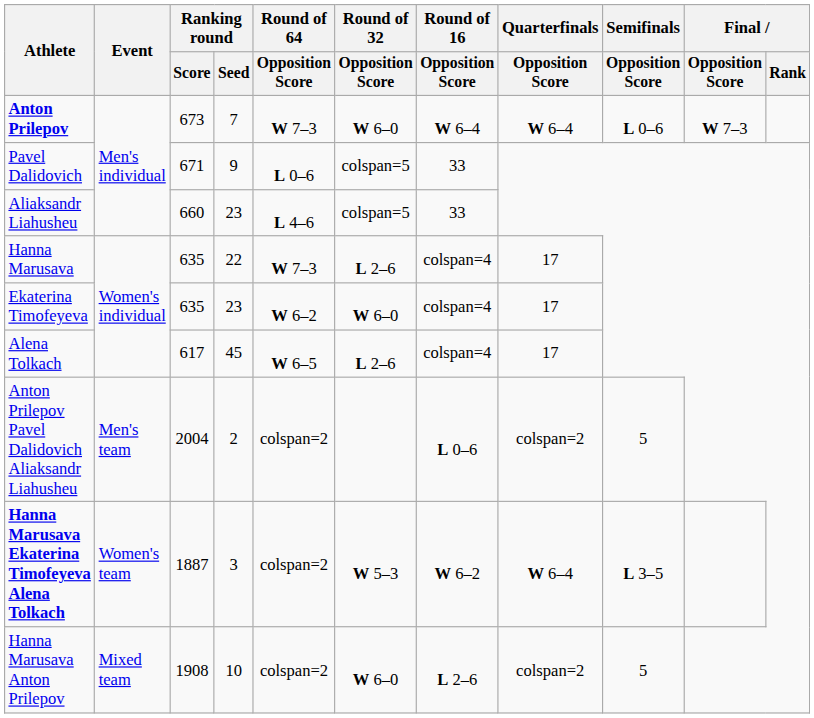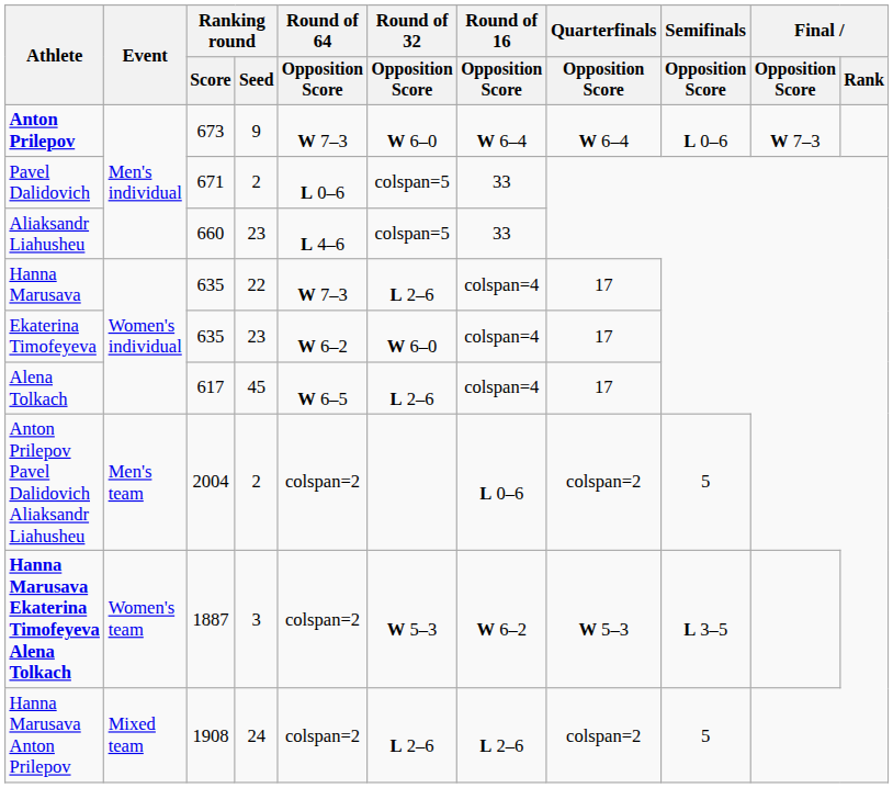 <table class="wikitable" style="font-size:90%">
 <tr>
 <th rowspan=2>Athlete</th>
 <th rowspan=2>Event</th>
 <th colspan=2>Ranking round</th>
 <th>Round of 64</th>
 <th>Round of 32</th>
 <th>Round of 16</th>
 <th>Quarterfinals</th>
 <th>Semifinals</th>
 <th colspan=2>Final / </th>
 </tr>
 <tr style="font-size:95%">
 <th>Score</th>
 <th>Seed</th>
 <th>Opposition<br>Score</th>
 <th>Opposition<br>Score</th>
 <th>Opposition<br>Score</th>
 <th>Opposition<br>Score</th>
 <th>Opposition<br>Score</th>
 <th>Opposition<br>Score</th>
 <th>Rank</th>
 </tr>
 <tr align=center>
 <td align=left><strong><a href='#'>Anton Prilepov</a></strong></td>
 <td style="text-align:left;" rowspan="3"><a href='#'>Men's individual</a></td>
 <td>673</td>
-<td>7</td>
+<td>9</td>
 <td><br> <strong>W</strong> 7–3</td>
 <td><br> <strong>W</strong> 6–0</td>
 <td><br> <strong>W</strong> 6–4</td>
 <td><br> <strong>W</strong> 6–4</td>
 <td><br> <strong>L</strong> 0–6</td>
 <td><br> <strong>W</strong> 7–3</td>
 <td></td>
 </tr>
 <tr align=center>
 <td align=left><a href='#'>Pavel Dalidovich</a></td>
 <td>671</td>
-<td>9</td>
+<td>2</td>
 <td><br> <strong>L</strong> 0–6</td>
 <td>colspan=5 </td>
 <td>33</td>
 </tr>
 <tr align=center>
 <td align=left><a href='#'>Aliaksandr Liahusheu</a></td>
 <td>660</td>
 <td>23</td>
 <td><br><strong>L</strong> 4–6</td>
 <td>colspan=5 </td>
 <td>33</td>
 </tr>
 <tr align=center>
 <td align=left><a href='#'>Hanna Marusava</a></td>
 <td style="text-align:left;" rowspan="3"><a href='#'>Women's individual</a></td>
 <td>635</td>
 <td>22</td>
 <td><br> <strong>W</strong> 7–3</td>
 <td><br> <strong>L</strong> 2–6</td>
 <td>colspan=4 </td>
 <td>17</td>
 </tr>
 <tr align=center>
 <td align=left><a href='#'>Ekaterina Timofeyeva</a></td>
 <td>635</td>
 <td>23</td>
 <td><br> <strong>W</strong> 6–2</td>
 <td><br> <strong>W</strong> 6–0</td>
 <td>colspan=4 </td>
 <td>17</td>
 </tr>
 <tr align=center>
 <td align=left><a href='#'>Alena Tolkach</a></td>
 <td>617</td>
 <td>45</td>
 <td><br><strong>W</strong> 6–5</td>
 <td><br> <strong>L</strong> 2–6</td>
 <td>colspan=4 </td>
 <td>17</td>
 </tr>
 <tr align=center>
 <td align=left><a href='#'>Anton Prilepov</a><br><a href='#'>Pavel Dalidovich</a><br><a href='#'>Aliaksandr Liahusheu</a></td>
 <td align=left><a href='#'>Men's team</a></td>
 <td>2004</td>
 <td>2</td>
 <td>colspan=2 </td>
 <td></td>
 <td><br> <strong>L</strong> 0–6</td>
 <td>colspan=2 </td>
 <td>5</td>
 </tr>
 <tr align=center>
 <td align=left><strong><a href='#'>Hanna Marusava</a><br><a href='#'>Ekaterina Timofeyeva</a><br><a href='#'>Alena Tolkach</a></strong></td>
 <td align=left><a href='#'>Women's team</a></td>
 <td>1887</td>
 <td>3</td>
 <td>colspan=2 </td>
 <td><br> <strong>W</strong> 5–3</td>
 <td><br> <strong>W</strong> 6–2</td>
-<td><br> <strong>W</strong> 6–4</td>
+<td><br> <strong>W</strong> 5–3</td>
 <td><br> <strong>L</strong> 3–5</td>
 <td></td>
 </tr>
 <tr align=center>
 <td align=left><a href='#'>Hanna Marusava</a><br><a href='#'>Anton Prilepov</a></td>
 <td align=left><a href='#'>Mixed team</a></td>
 <td>1908</td>
-<td>10</td>
+<td>24</td>
 <td>colspan=2 </td>
-<td><br> <strong>W</strong> 6–0</td>
+<td><br> <strong>L</strong> 2–6</td>
 <td><br> <strong>L</strong> 2–6</td>
 <td>colspan=2 </td>
 <td>5</td>
 </tr>
 </table>
